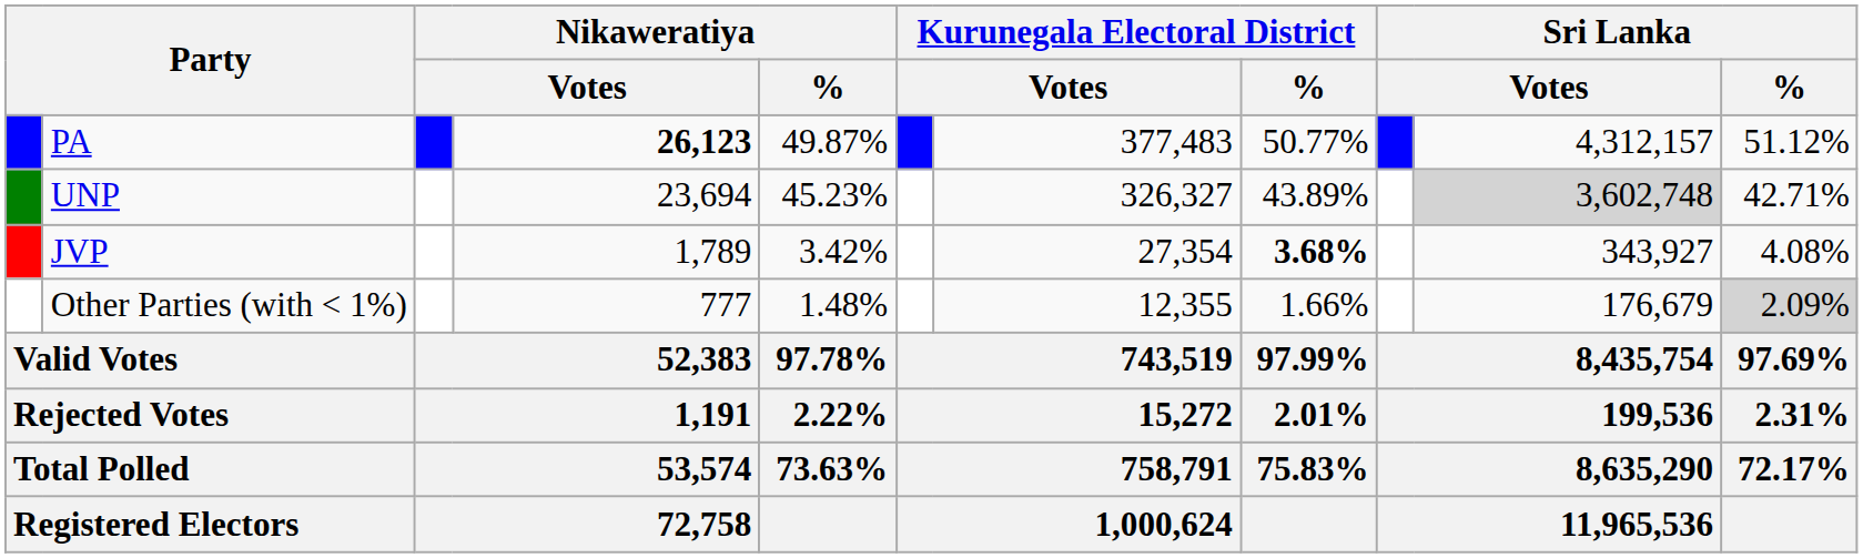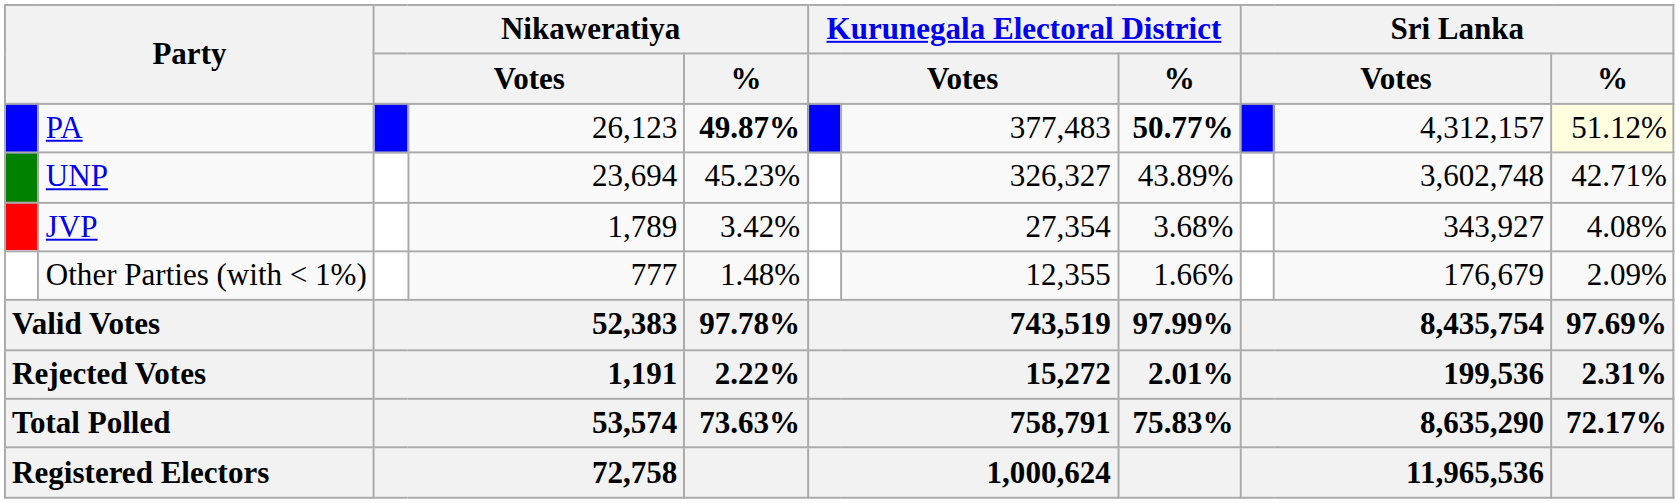 <table class="wikitable">
 <tr>
 <th colspan="2" width="144px"rowspan="2">Party</th>
 <th colspan="3" width="216px">Nikaweratiya</th>
 <th colspan="3" width="216px"><a href='#'>Kurunegala Electoral District</a></th>
 <th colspan="3" width="216px">Sri Lanka</th>
 </tr>
 <tr>
 <th colspan="2" width="144px">Votes</th>
 <th>%</th>
 <th colspan="2" width="144px">Votes</th>
 <th>%</th>
 <th colspan="2" width="144px">Votes</th>
 <th>%</th>
 </tr>
 <tr>
 <td style="background-color:blue;" width="10px"></td>
 <td style="text-align:left;"><a href='#'>PA</a></td>
 <td style="background-color:blue;" width="10px"></td>
-<td style="text-align:right;"><strong>26,123</strong></td>
-<td style="text-align:right;">49.87%</td>
+<td style="text-align:right;">26,123</td>
+<td style="text-align:right;"><strong>49.87%</strong></td>
 <td style="background-color:blue;" width="10px"></td>
 <td style="text-align:right;">377,483</td>
-<td style="text-align:right;">50.77%</td>
+<td style="text-align:right;"><strong>50.77%</strong></td>
 <td style="background-color:blue;" width="10px"></td>
 <td style="text-align:right;">4,312,157</td>
-<td style="text-align:right;">51.12%</td>
+<td style="background: lightyellow; text-align:right;">51.12%</td>
 </tr>
 <tr>
 <td style="background-color:green;" width="10px"></td>
 <td style="text-align:left;"><a href='#'>UNP</a></td>
 <td style="background-color:white;" width="10px"></td>
 <td style="text-align:right;">23,694</td>
 <td style="text-align:right;">45.23%</td>
 <td style="background-color:white;" width="10px"></td>
 <td style="text-align:right;">326,327</td>
 <td style="text-align:right;">43.89%</td>
 <td style="background-color:white;" width="10px"></td>
-<td style="background: lightgrey; text-align:right;">3,602,748</td>
+<td style="text-align:right;">3,602,748</td>
 <td style="text-align:right;">42.71%</td>
 </tr>
 <tr>
 <td style="background-color:red;" width="10px"></td>
 <td style="text-align:left;"><a href='#'>JVP</a></td>
 <td style="background-color:white;" width="10px"></td>
 <td style="text-align:right;">1,789</td>
 <td style="text-align:right;">3.42%</td>
 <td style="background-color:white;" width="10px"></td>
 <td style="text-align:right;">27,354</td>
-<td style="text-align:right;"><strong>3.68%</strong></td>
+<td style="text-align:right;">3.68%</td>
 <td style="background-color:white;" width="10px"></td>
 <td style="text-align:right;">343,927</td>
 <td style="text-align:right;">4.08%</td>
 </tr>
 <tr>
 <td style="background-color:white;" width="10px"></td>
 <td style="text-align:left;">Other Parties (with < 1%)</td>
 <td style="background-color:white;" width="10px"></td>
 <td style="text-align:right;">777</td>
 <td style="text-align:right;">1.48%</td>
 <td style="background-color:white;" width="10px"></td>
 <td style="text-align:right;">12,355</td>
 <td style="text-align:right;">1.66%</td>
 <td style="background-color:white;" width="10px"></td>
 <td style="text-align:right;">176,679</td>
-<td style="background: lightgrey; text-align:right;">2.09%</td>
+<td style="text-align:right;">2.09%</td>
 </tr>
 <tr>
 <th colspan="2" width="144px"style="text-align:left;">Valid Votes</th>
 <th style="text-align:right;"colspan="2" width="144px">52,383</th>
 <th style="text-align:right;">97.78%</th>
 <th style="text-align:right;"colspan="2" width="144px">743,519</th>
 <th style="text-align:right;">97.99%</th>
 <th style="text-align:right;"colspan="2" width="144px">8,435,754</th>
 <th style="text-align:right;">97.69%</th>
 </tr>
 <tr>
 <th colspan="2" width="144px"style="text-align:left;">Rejected Votes</th>
 <th style="text-align:right;"colspan="2" width="144px">1,191</th>
 <th style="text-align:right;">2.22%</th>
 <th style="text-align:right;"colspan="2" width="144px">15,272</th>
 <th style="text-align:right;">2.01%</th>
 <th style="text-align:right;"colspan="2" width="144px">199,536</th>
 <th style="text-align:right;">2.31%</th>
 </tr>
 <tr>
 <th colspan="2" width="144px"style="text-align:left;">Total Polled</th>
 <th style="text-align:right;"colspan="2" width="144px">53,574</th>
 <th style="text-align:right;">73.63%</th>
 <th style="text-align:right;"colspan="2" width="144px">758,791</th>
 <th style="text-align:right;">75.83%</th>
 <th style="text-align:right;"colspan="2" width="144px">8,635,290</th>
 <th style="text-align:right;">72.17%</th>
 </tr>
 <tr>
 <th colspan="2" width="144px"style="text-align:left;">Registered Electors</th>
 <th style="text-align:right;"colspan="2" width="144px">72,758</th>
 <th></th>
 <th style="text-align:right;"colspan="2" width="144px">1,000,624</th>
 <th></th>
 <th style="text-align:right;"colspan="2" width="144px">11,965,536</th>
 <th></th>
 </tr>
 </table>
